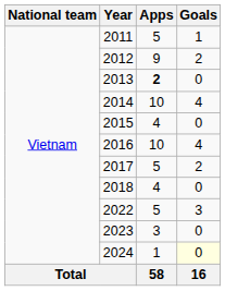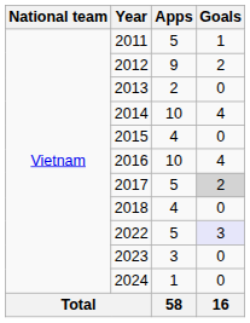 <table class="wikitable" style="text-align:center">
 <tr>
 <th>National team</th>
 <th>Year</th>
 <th>Apps</th>
 <th>Goals</th>
 </tr>
 <tr>
 <td rowspan=11><a href='#'>Vietnam</a></td>
 <td>2011</td>
 <td>5</td>
 <td>1</td>
 </tr>
 <tr>
 <td>2012</td>
 <td>9</td>
 <td>2</td>
 </tr>
 <tr>
 <td>2013</td>
-<td><strong>2</strong></td>
+<td>2</td>
 <td>0</td>
 </tr>
 <tr>
 <td>2014</td>
 <td>10</td>
 <td>4</td>
 </tr>
 <tr>
 <td>2015</td>
 <td>4</td>
 <td>0</td>
 </tr>
 <tr>
 <td>2016</td>
 <td>10</td>
 <td>4</td>
 </tr>
 <tr>
 <td>2017</td>
 <td>5</td>
-<td>2</td>
+<td style="background: lightgrey;">2</td>
 </tr>
 <tr>
 <td>2018</td>
 <td>4</td>
 <td>0</td>
 </tr>
 <tr>
 <td>2022</td>
 <td>5</td>
-<td>3</td>
+<td style="background: lavender;">3</td>
 </tr>
 <tr>
 <td>2023</td>
 <td>3</td>
 <td>0</td>
 </tr>
 <tr>
 <td>2024</td>
 <td>1</td>
-<td style="background: lightyellow;">0</td>
+<td>0</td>
 </tr>
 <tr>
 <th colspan=2>Total</th>
 <th>58</th>
 <th>16</th>
 </tr>
 </table>
